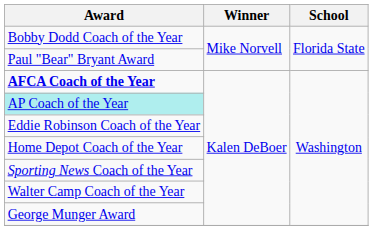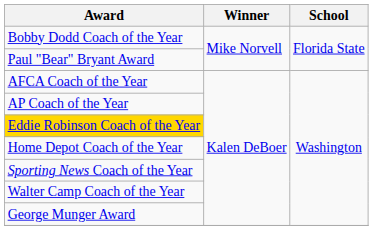 <table class="wikitable sortable">
 <tr>
 <th>Award</th>
 <th>Winner</th>
 <th>School</th>
 </tr>
 <tr>
 <td><a href='#'>Bobby Dodd Coach of the Year</a></td>
 <td rowspan=2><a href='#'>Mike Norvell</a></td>
 <td align="center" rowspan=2><a href='#'>Florida State</a></td>
 </tr>
 <tr>
 <td><a href='#'>Paul "Bear" Bryant Award</a></td>
 </tr>
 <tr>
-<td><strong><a href='#'>AFCA Coach of the Year</a></strong></td>
+<td><a href='#'>AFCA Coach of the Year</a></td>
 <td rowspan=7><a href='#'>Kalen DeBoer</a></td>
 <td align=center rowspan=7><a href='#'>Washington</a></td>
 </tr>
 <tr>
-<td style="background: paleturquoise;"><a href='#'>AP Coach of the Year</a></td>
+<td><a href='#'>AP Coach of the Year</a></td>
 </tr>
 <tr>
-<td><a href='#'>Eddie Robinson Coach of the Year</a></td>
+<td style="background: gold;"><a href='#'>Eddie Robinson Coach of the Year</a></td>
 </tr>
 <tr>
 <td><a href='#'>Home Depot Coach of the Year</a></td>
 </tr>
 <tr>
 <td><a href='#'><em>Sporting News</em> Coach of the Year</a></td>
 </tr>
 <tr>
 <td><a href='#'>Walter Camp Coach of the Year</a></td>
 </tr>
 <tr>
 <td><a href='#'>George Munger Award</a></td>
 </tr>
 <tr>
 </tr>
 </table>
